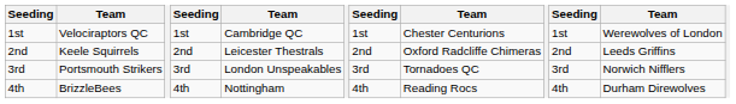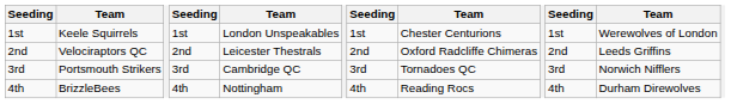 <table class="wikitable" style="border: none;">
 <tr>
 <th>Seeding</th>
 <th>Team</th>
 <th rowspan="10" style="border: none;"></th>
 <th>Seeding</th>
 <th>Team</th>
 <th rowspan="10" style="border: none;"></th>
 <th>Seeding</th>
 <th>Team</th>
 <th rowspan="10" style="border: none;"></th>
 <th>Seeding</th>
 <th>Team</th>
 <th rowspan="10" style="border: none;"></th>
 </tr>
 <tr>
 <td>1st</td>
-<td>Velociraptors QC</td>
+<td>Keele Squirrels</td>
 <td>1st</td>
-<td>Cambridge QC</td>
+<td>London Unspeakables</td>
 <td>1st</td>
 <td>Chester Centurions</td>
 <td>1st</td>
 <td>Werewolves of London</td>
 </tr>
 <tr>
 <td>2nd</td>
-<td>Keele Squirrels</td>
+<td>Velociraptors QC</td>
 <td>2nd</td>
 <td>Leicester Thestrals</td>
 <td>2nd</td>
 <td>Oxford Radcliffe Chimeras</td>
 <td>2nd</td>
 <td>Leeds Griffins</td>
 </tr>
 <tr>
 <td>3rd</td>
 <td>Portsmouth Strikers</td>
 <td>3rd</td>
-<td>London Unspeakables</td>
+<td>Cambridge QC</td>
 <td>3rd</td>
 <td>Tornadoes QC</td>
 <td>3rd</td>
 <td>Norwich Nifflers</td>
 </tr>
 <tr>
 <td>4th</td>
 <td>BrizzleBees</td>
 <td>4th</td>
 <td>Nottingham</td>
 <td>4th</td>
 <td>Reading Rocs</td>
 <td>4th</td>
 <td>Durham Direwolves</td>
 </tr>
 </table>
